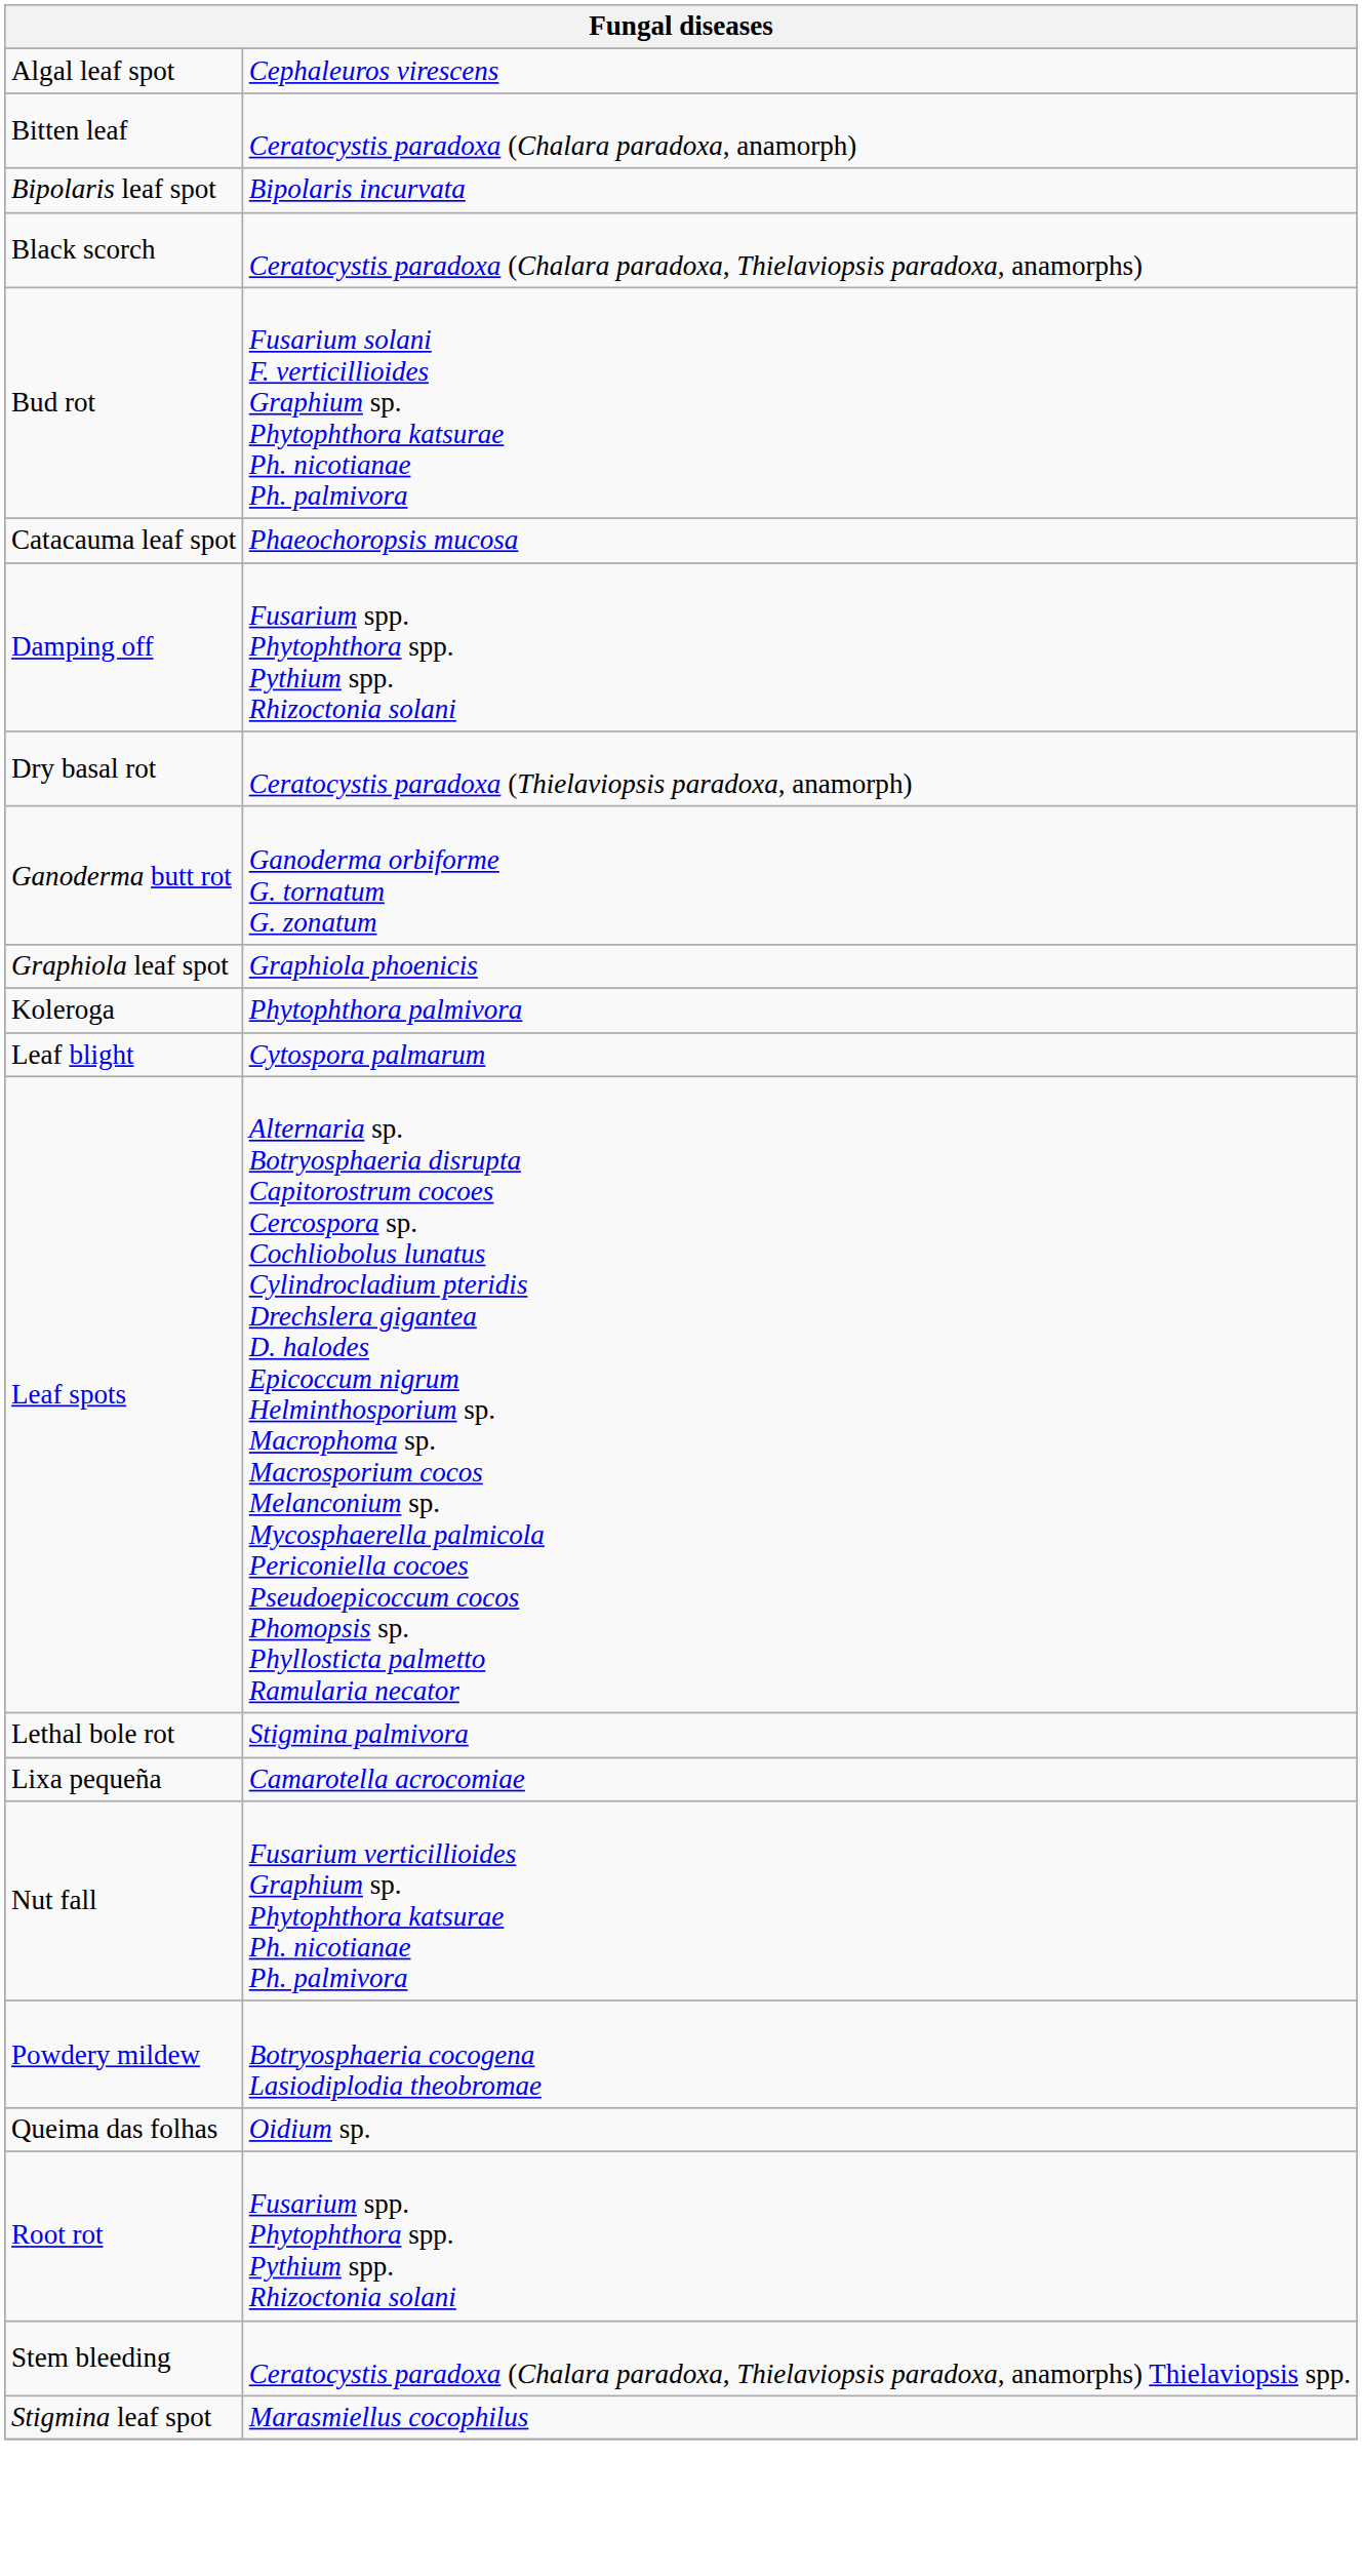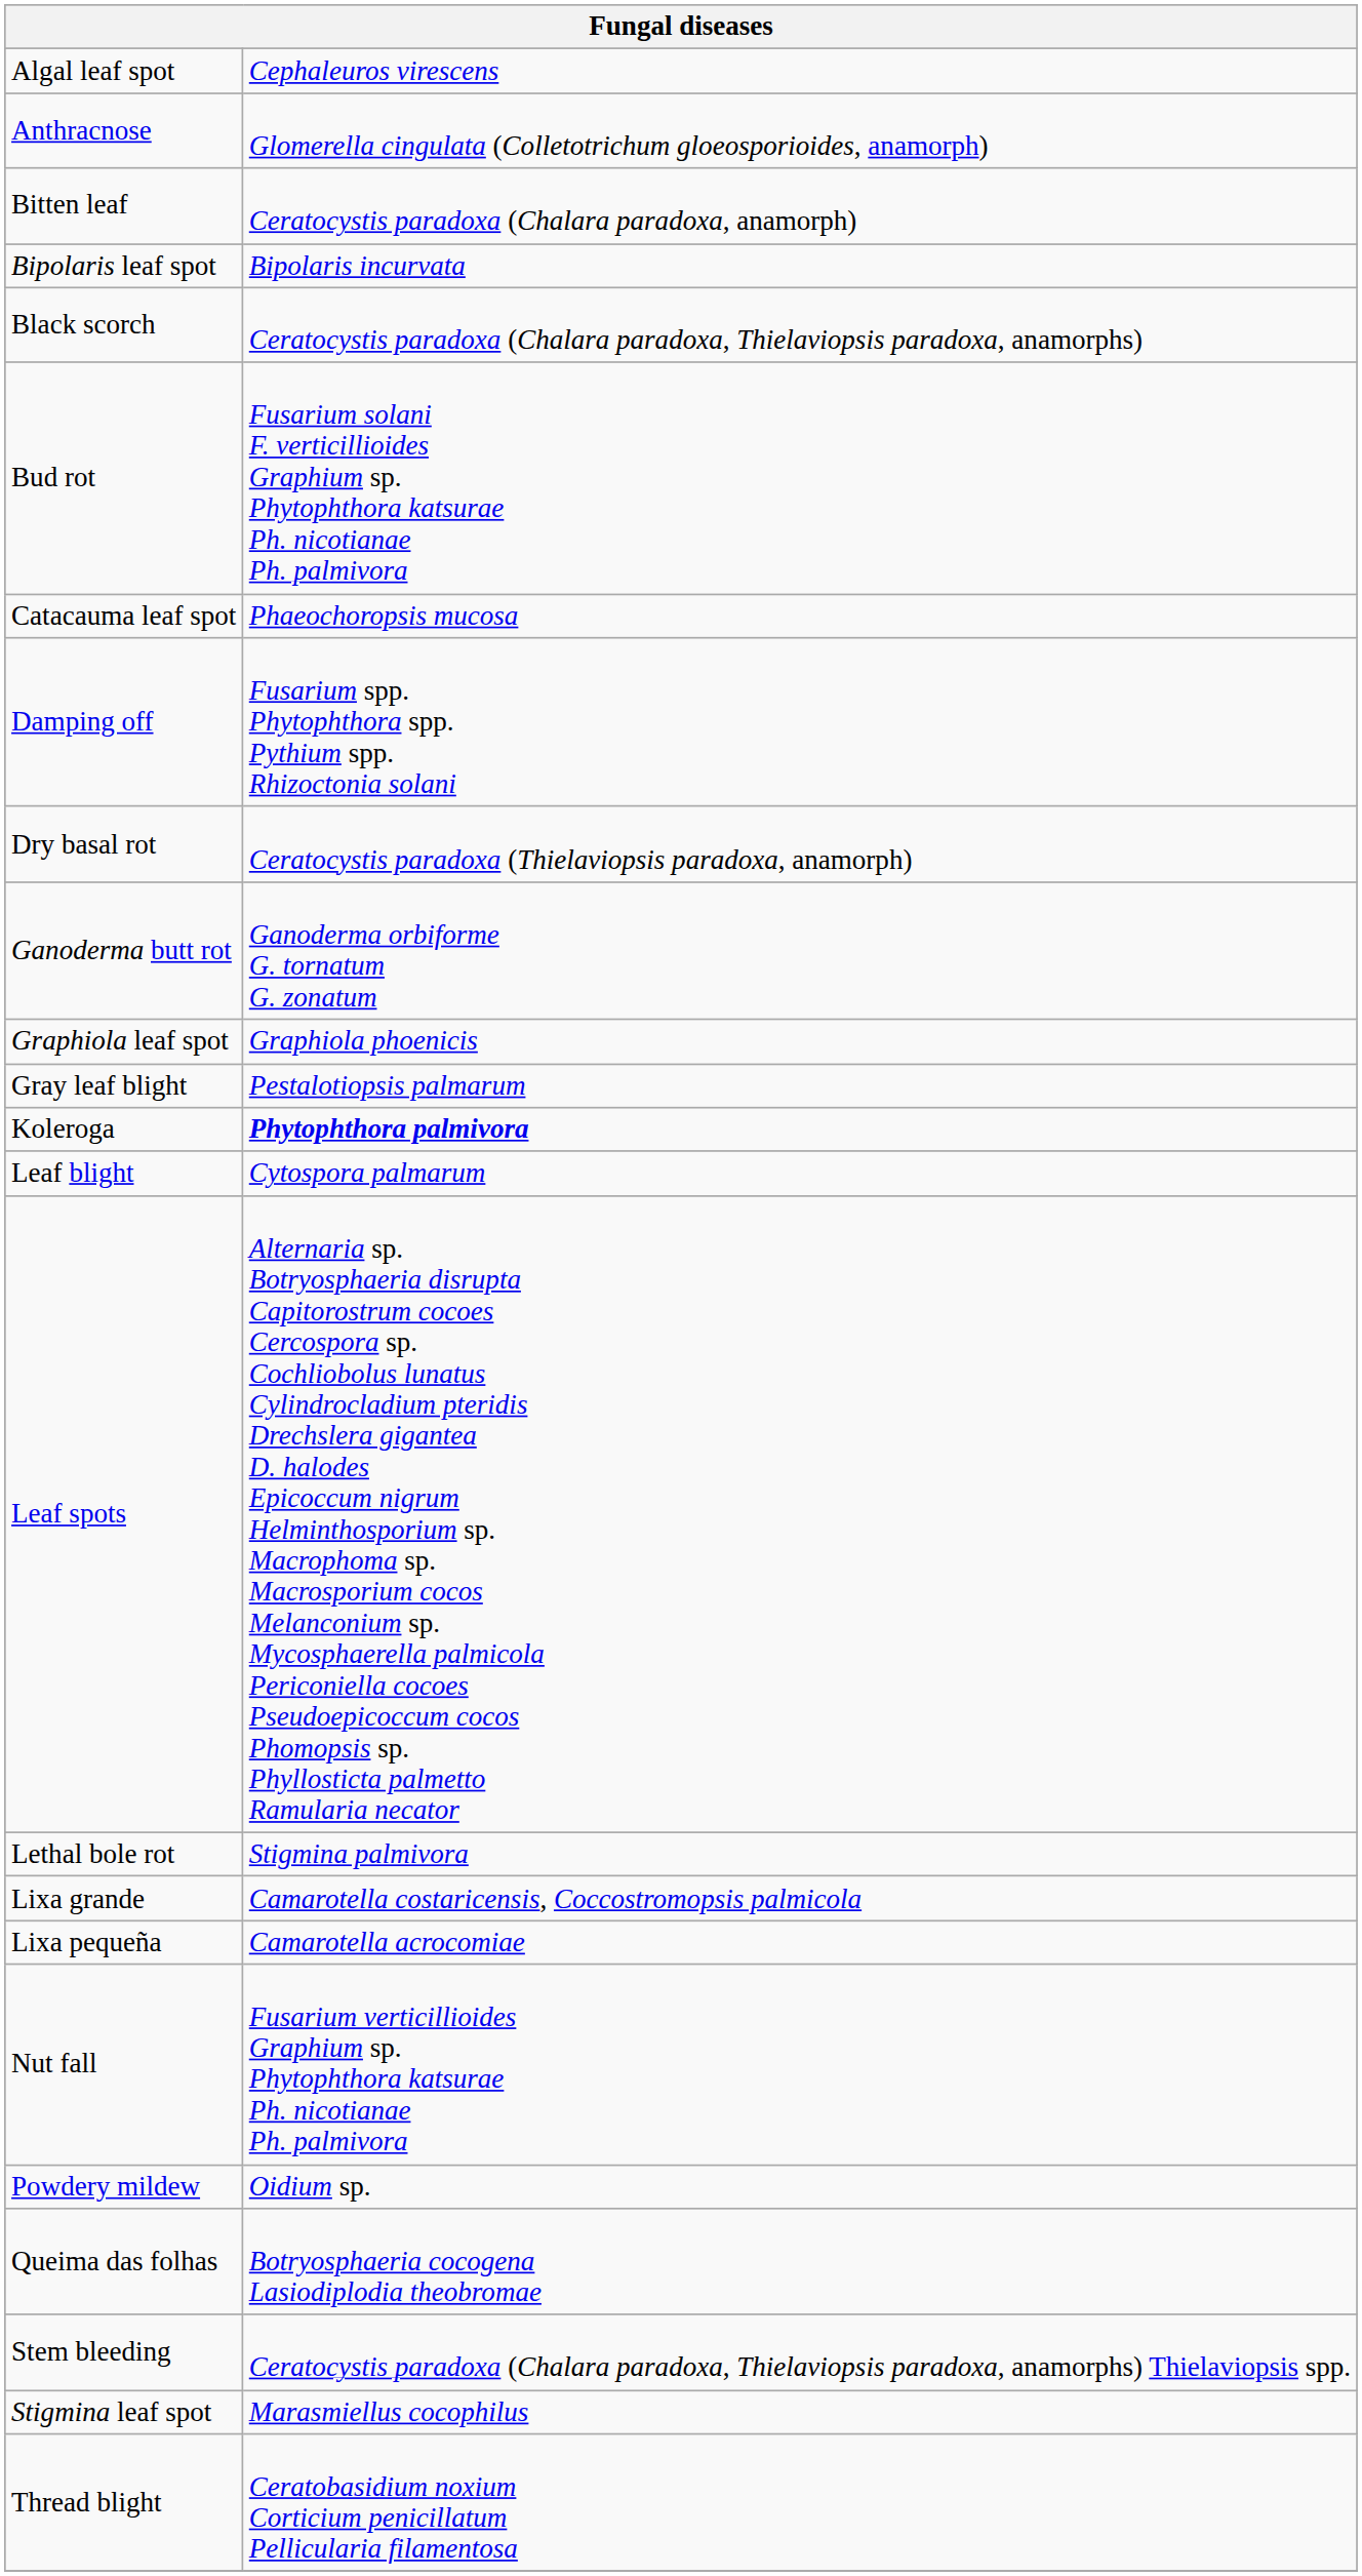 <table class="wikitable" style="clear">
 <tr>
 <th colspan=2><strong>Fungal diseases</strong></th>
 </tr>
 <tr>
 <td>Algal leaf spot</td>
 <td><em><a href='#'>Cephaleuros virescens</a></em></td>
+</tr>
+<tr>
+<td><a href='#'>Anthracnose</a></td>
+<td><br><em><a href='#'>Glomerella cingulata</a></em> (<em>Colletotrichum gloeosporioides</em>, <a href='#'>anamorph</a>)</td>
 </tr>
 <tr>
 <td>Bitten leaf</td>
 <td><br><em><a href='#'>Ceratocystis paradoxa</a></em> (<em>Chalara paradoxa</em>, anamorph)</td>
 </tr>
 <tr>
 <td><em>Bipolaris</em> leaf spot</td>
 <td><em><a href='#'>Bipolaris incurvata</a></em></td>
 </tr>
 <tr>
 <td>Black scorch</td>
 <td><br><em><a href='#'>Ceratocystis paradoxa</a></em> (<em>Chalara paradoxa</em>, <em>Thielaviopsis paradoxa</em>, anamorphs)</td>
 </tr>
 <tr>
 <td>Bud rot</td>
 <td><br><em><a href='#'>Fusarium solani</a></em><br> <em><a href='#'>F. verticillioides</a></em><br> <em><a href='#'>Graphium</a></em> sp.<br> <em><a href='#'>Phytophthora katsurae</a></em><br> <em><a href='#'>Ph. nicotianae</a></em><br> <em><a href='#'>Ph. palmivora</a></em></td>
 </tr>
 <tr>
 <td>Catacauma leaf spot</td>
 <td><em><a href='#'>Phaeochoropsis mucosa</a></em></td>
 </tr>
 <tr>
 <td><a href='#'>Damping off</a></td>
 <td><br><em><a href='#'>Fusarium</a></em> spp.<br> <em><a href='#'>Phytophthora</a></em> spp.<br> <em><a href='#'>Pythium</a></em> spp.<br> <em><a href='#'>Rhizoctonia solani</a></em></td>
 </tr>
 <tr>
 <td>Dry basal rot</td>
 <td><br><em><a href='#'>Ceratocystis paradoxa</a></em> (<em>Thielaviopsis paradoxa</em>, anamorph)</td>
 </tr>
 <tr>
 <td><em>Ganoderma</em> <a href='#'>butt rot</a></td>
 <td><br><em><a href='#'>Ganoderma orbiforme</a></em><br> <em><a href='#'>G. tornatum</a></em><br> <em><a href='#'>G. zonatum</a></em></td>
 </tr>
 <tr>
 <td><em>Graphiola</em> leaf spot</td>
 <td><em><a href='#'>Graphiola phoenicis</a></em></td>
 </tr>
 <tr>
+<td>Gray leaf blight</td>
+<td><em><a href='#'>Pestalotiopsis palmarum</a></em></td>
+</tr>
+<tr>
 <td>Koleroga</td>
-<td><em><a href='#'>Phytophthora palmivora</a></em></td>
+<td><strong><em><a href='#'>Phytophthora palmivora</a></em></strong></td>
 </tr>
 <tr>
 <td>Leaf <a href='#'>blight</a></td>
 <td><em><a href='#'>Cytospora palmarum</a></em></td>
 </tr>
 <tr>
 <td><a href='#'>Leaf spots</a></td>
 <td><br><em><a href='#'>Alternaria</a></em> sp.<br> <em><a href='#'>Botryosphaeria disrupta</a></em><br> <em><a href='#'>Capitorostrum cocoes</a></em><br> <em><a href='#'>Cercospora</a></em> sp.<br> <em><a href='#'>Cochliobolus lunatus</a></em><br> <em><a href='#'>Cylindrocladium pteridis</a></em><br> <em><a href='#'>Drechslera gigantea</a></em> <br> <em><a href='#'>D. halodes</a></em><br> <em><a href='#'>Epicoccum nigrum</a></em><br> <em><a href='#'>Helminthosporium</a></em> sp.<br> <em><a href='#'>Macrophoma</a></em> sp.<br> <em><a href='#'>Macrosporium cocos</a></em><br> <em><a href='#'>Melanconium</a></em> sp.<br> <em><a href='#'>Mycosphaerella palmicola</a></em><br> <em><a href='#'>Periconiella cocoes</a></em><br> <em><a href='#'>Pseudoepicoccum cocos</a></em><br> <em><a href='#'>Phomopsis</a></em> sp.<br> <em><a href='#'>Phyllosticta palmetto</a></em><br> <em><a href='#'>Ramularia necator</a></em></td>
 </tr>
 <tr>
 <td>Lethal bole rot</td>
 <td><em><a href='#'>Stigmina palmivora</a></em></td>
 </tr>
 <tr>
+<td>Lixa grande</td>
+<td><em><a href='#'>Camarotella costaricensis</a></em>, <em><a href='#'>Coccostromopsis palmicola</a></em></td>
+</tr>
+<tr>
 <td>Lixa pequeña</td>
 <td><em><a href='#'>Camarotella acrocomiae</a></em></td>
 </tr>
 <tr>
 <td>Nut fall</td>
 <td><br><em><a href='#'>Fusarium verticillioides</a></em><br> <em><a href='#'>Graphium</a></em> sp.<br> <em><a href='#'>Phytophthora katsurae</a></em><br> <em><a href='#'>Ph. nicotianae</a></em><br> <em><a href='#'>Ph. palmivora</a></em></td>
 </tr>
 <tr>
 <td><a href='#'>Powdery mildew</a></td>
-<td><br><em><a href='#'>Botryosphaeria cocogena</a></em><br> <em><a href='#'>Lasiodiplodia theobromae</a></em></td>
+<td><em><a href='#'>Oidium</a></em> sp.</td>
 </tr>
 <tr>
 <td>Queima das folhas</td>
-<td><em><a href='#'>Oidium</a></em> sp.</td>
-</tr>
-<tr>
-<td><a href='#'>Root rot</a></td>
-<td><br><em><a href='#'>Fusarium</a></em> spp.<br> <em><a href='#'>Phytophthora</a></em> spp.<br> <em><a href='#'>Pythium</a></em> spp.<br> <em><a href='#'>Rhizoctonia solani</a></em></td>
+<td><br><em><a href='#'>Botryosphaeria cocogena</a></em><br> <em><a href='#'>Lasiodiplodia theobromae</a></em></td>
 </tr>
 <tr>
 <td>Stem bleeding</td>
 <td><br><em><a href='#'>Ceratocystis paradoxa</a></em> (<em>Chalara paradoxa</em>, <em>Thielaviopsis paradoxa</em>, anamorphs) <a href='#'>Thielaviopsis</a> spp.</td>
 </tr>
 <tr>
 <td><em>Stigmina</em> leaf spot</td>
 <td><em><a href='#'>Marasmiellus cocophilus</a></em></td>
 </tr>
 <tr>
+<td>Thread blight</td>
+<td><br><em><a href='#'>Ceratobasidium noxium</a></em><br> <em><a href='#'>Corticium penicillatum</a></em><br> <em><a href='#'>Pellicularia filamentosa</a></em></td>
+</tr>
+<tr>
 </tr>
 </table>
